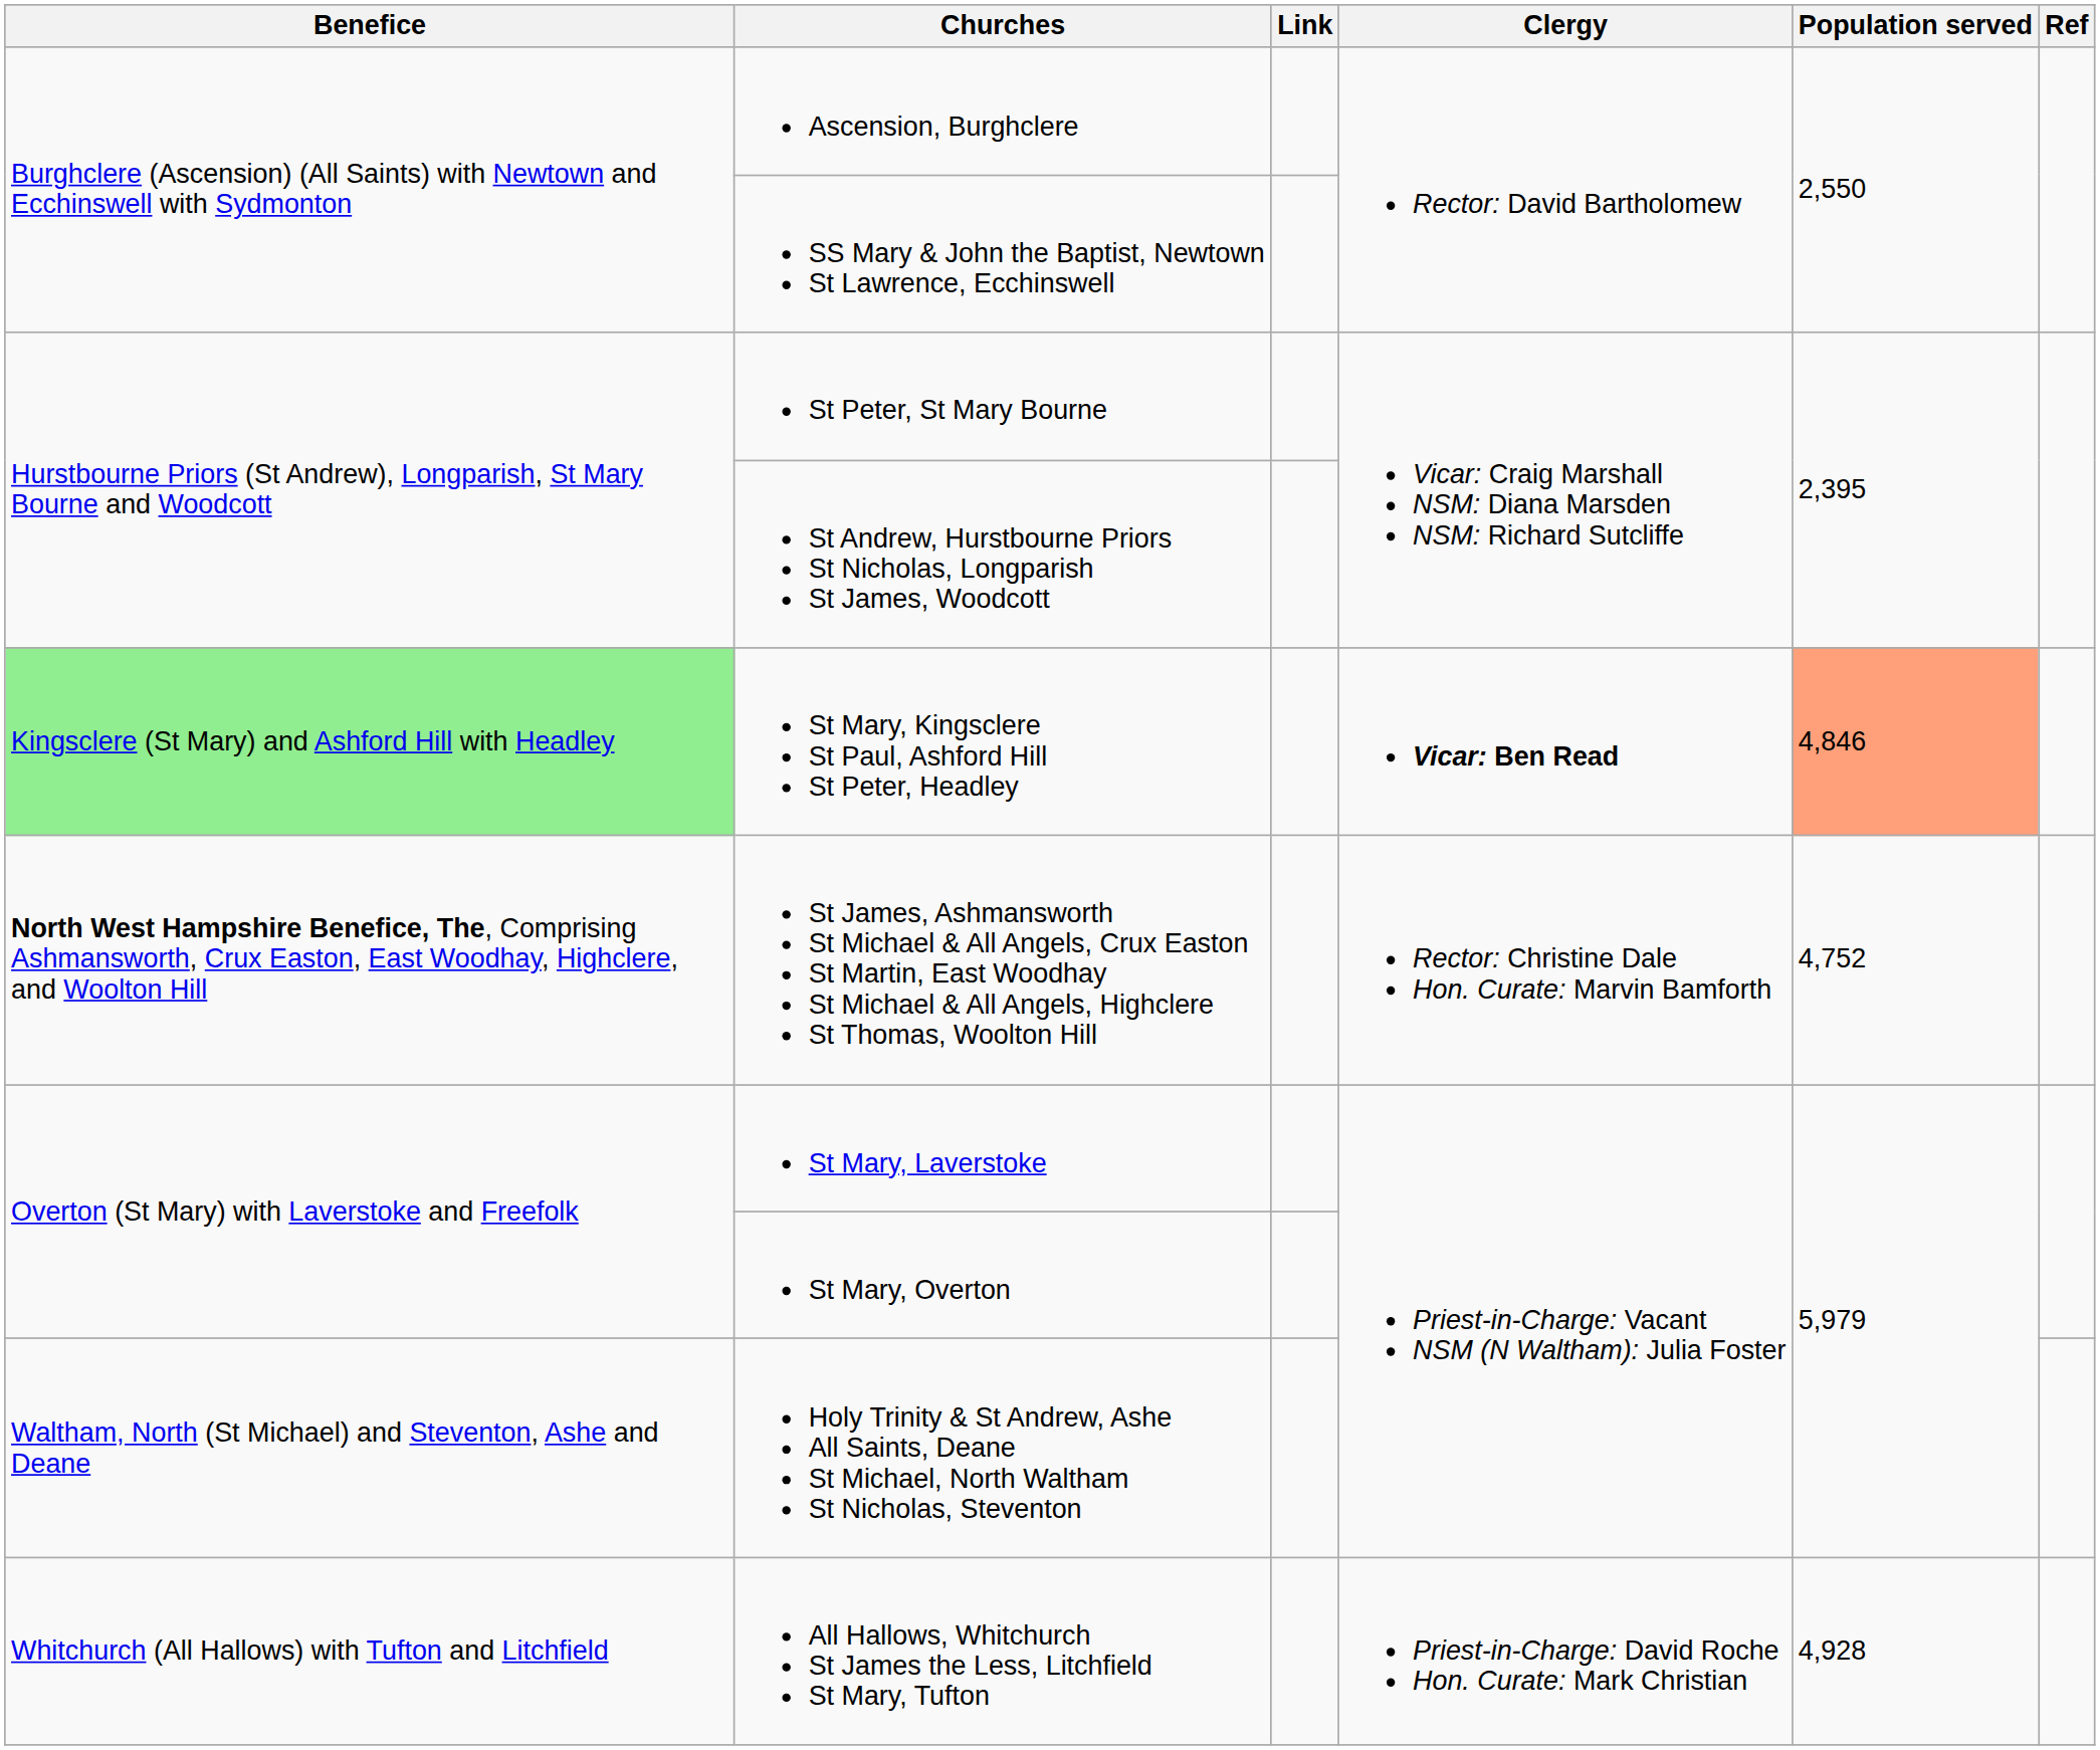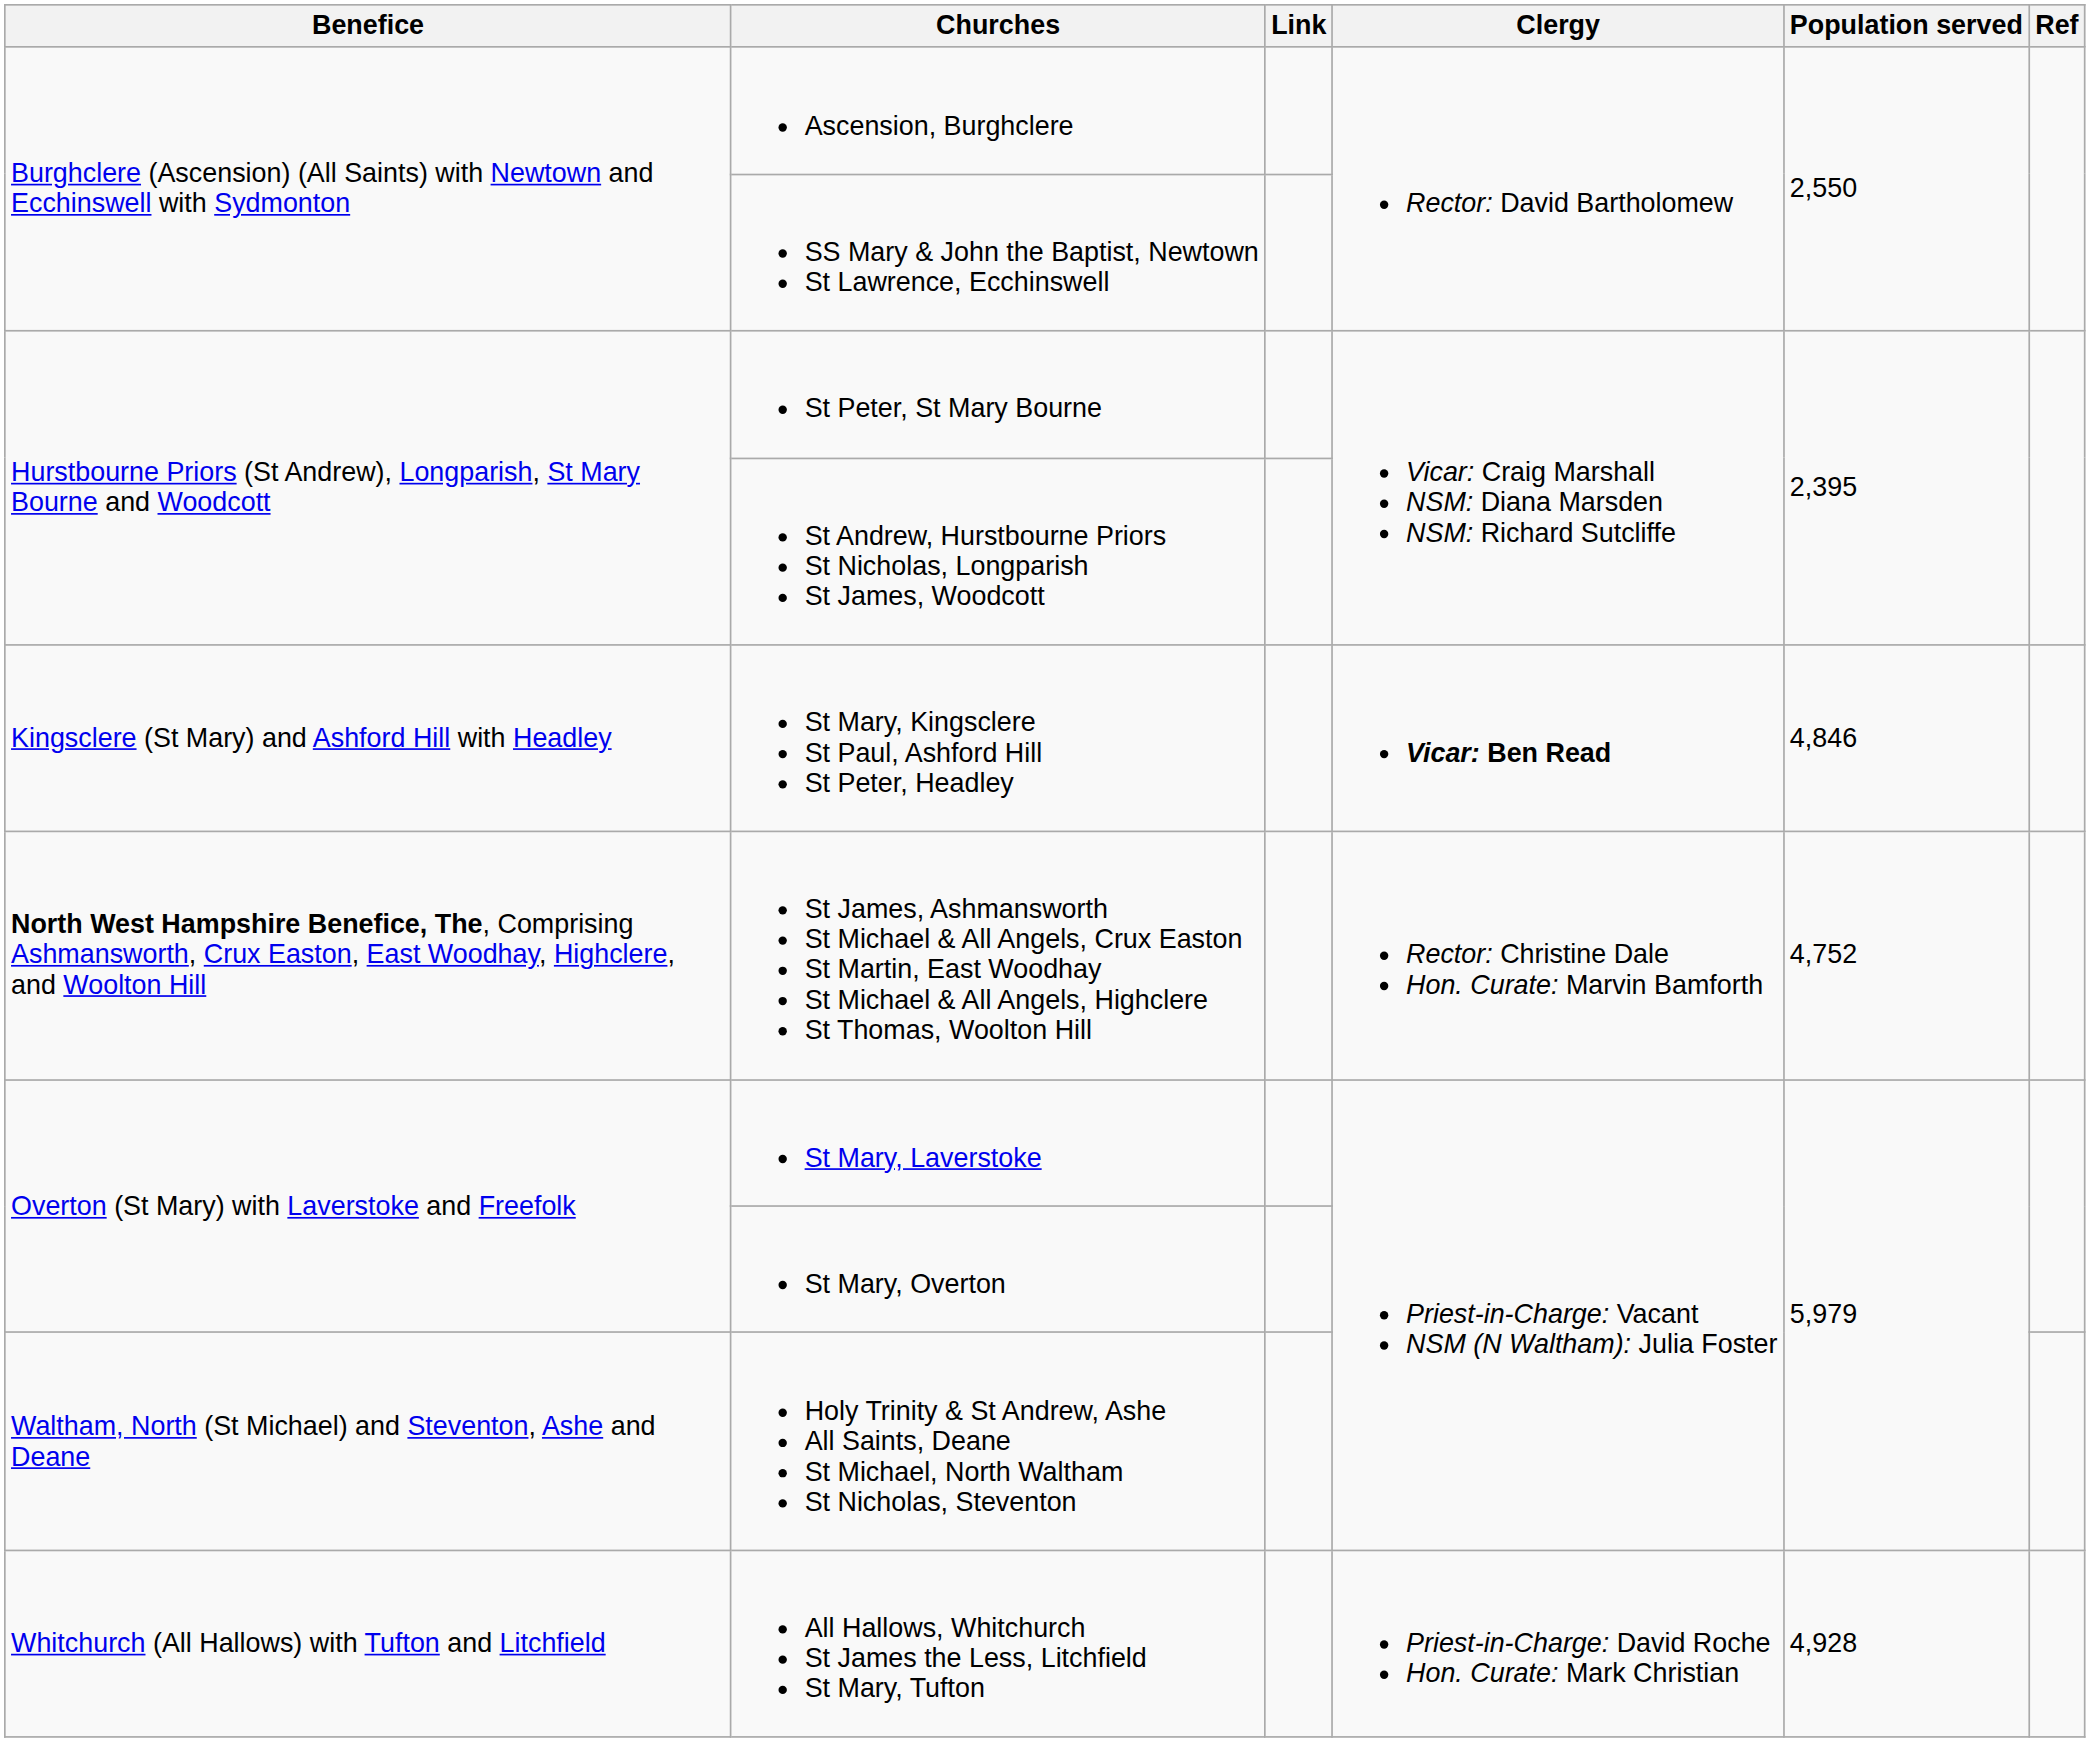 <table class="wikitable">
 <tr>
 <th style="width:425px;">Benefice</th>
 <th>Churches</th>
 <th>Link</th>
 <th>Clergy</th>
 <th>Population served</th>
 <th>Ref</th>
 </tr>
 <tr>
 <td rowspan="2"><a href='#'>Burghclere</a> (Ascension) (All Saints) with <a href='#'>Newtown</a> and <a href='#'>Ecchinswell</a> with <a href='#'>Sydmonton</a></td>
 <td><br><ul><li>Ascension, Burghclere</li></ul></td>
 <td> </td>
 <td rowspan="2"><br><ul><li><em>Rector:</em> David Bartholomew</li></ul></td>
 <td rowspan="2">2,550</td>
 <td rowspan="2"></td>
 </tr>
 <tr>
 <td><br><ul><li>SS Mary & John the Baptist, Newtown</li><li>St Lawrence, Ecchinswell</li></ul></td>
 <td></td>
 </tr>
 <tr>
 <td rowspan="2"><a href='#'>Hurstbourne Priors</a> (St Andrew), <a href='#'>Longparish</a>, <a href='#'>St Mary Bourne</a> and <a href='#'>Woodcott</a></td>
 <td><br><ul><li>St Peter, St Mary Bourne</li></ul></td>
 <td> </td>
 <td rowspan="2"><br><ul><li><em>Vicar:</em> Craig Marshall</li><li><em>NSM:</em> Diana Marsden</li><li><em>NSM:</em> Richard Sutcliffe</li></ul></td>
 <td rowspan="2">2,395</td>
 <td rowspan="2"></td>
 </tr>
 <tr>
 <td><br><ul><li>St Andrew, Hurstbourne Priors</li><li>St Nicholas, Longparish</li><li>St James, Woodcott</li></ul></td>
 <td></td>
 </tr>
 <tr>
-<td style="background: lightgreen;"><a href='#'>Kingsclere</a> (St Mary) and <a href='#'>Ashford Hill</a> with <a href='#'>Headley</a></td>
+<td><a href='#'>Kingsclere</a> (St Mary) and <a href='#'>Ashford Hill</a> with <a href='#'>Headley</a></td>
 <td><br><ul><li>St Mary, Kingsclere</li><li>St Paul, Ashford Hill</li><li>St Peter, Headley</li></ul></td>
 <td></td>
 <td><strong><br><ul><li><em>Vicar:</em> Ben Read</li></ul></strong></td>
-<td style="background: lightsalmon;">4,846</td>
+<td>4,846</td>
 <td></td>
 </tr>
 <tr>
 <td><strong>North West Hampshire Benefice, The</strong>, Comprising <a href='#'>Ashmansworth</a>, <a href='#'>Crux Easton</a>, <a href='#'>East Woodhay</a>, <a href='#'>Highclere</a>, and <a href='#'>Woolton Hill</a></td>
 <td><br><ul><li>St James, Ashmansworth</li><li>St Michael & All Angels, Crux Easton</li><li>St Martin, East Woodhay</li><li>St Michael & All Angels, Highclere</li><li>St Thomas, Woolton Hill</li></ul></td>
 <td> </td>
 <td><br><ul><li><em>Rector:</em> Christine Dale</li><li><em>Hon. Curate:</em> Marvin Bamforth</li></ul></td>
 <td>4,752</td>
 <td></td>
 </tr>
 <tr>
 <td rowspan="2"><a href='#'>Overton</a> (St Mary) with <a href='#'>Laverstoke</a> and <a href='#'>Freefolk</a></td>
 <td><br><ul><li><a href='#'>St Mary, Laverstoke</a></li></ul></td>
 <td></td>
 <td rowspan="3"><br><ul><li><em>Priest-in-Charge:</em> Vacant</li><li><em>NSM (N Waltham):</em> Julia Foster</li></ul></td>
 <td rowspan="3">5,979</td>
 <td rowspan="2"></td>
 </tr>
 <tr>
 <td><br><ul><li>St Mary, Overton</li></ul></td>
 <td></td>
 </tr>
 <tr>
 <td><a href='#'>Waltham, North</a> (St Michael) and <a href='#'>Steventon</a>, <a href='#'>Ashe</a> and <a href='#'>Deane</a></td>
 <td><br><ul><li>Holy Trinity & St Andrew, Ashe</li><li>All Saints, Deane</li><li>St Michael, North Waltham</li><li>St Nicholas, Steventon</li></ul></td>
 <td></td>
 <td></td>
 </tr>
 <tr>
 <td><a href='#'>Whitchurch</a> (All Hallows) with <a href='#'>Tufton</a> and <a href='#'>Litchfield</a></td>
 <td><br><ul><li>All Hallows, Whitchurch</li><li>St James the Less, Litchfield</li><li>St Mary, Tufton</li></ul></td>
 <td></td>
 <td><br><ul><li><em>Priest-in-Charge:</em> David Roche</li><li><em>Hon. Curate:</em> Mark Christian</li></ul></td>
 <td>4,928</td>
 <td></td>
 </tr>
 </table>
